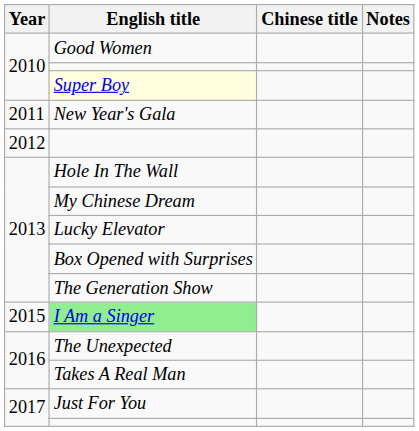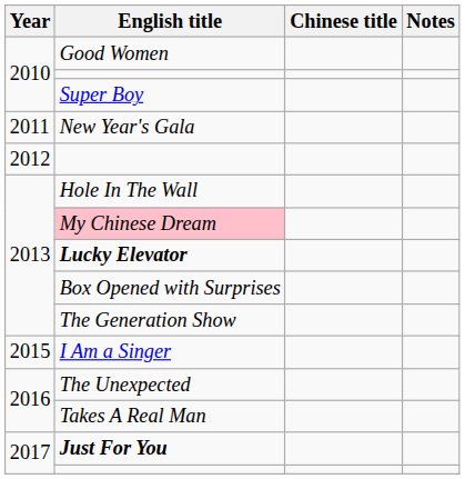 <table class="wikitable">
 <tr>
 <th>Year</th>
 <th>English title</th>
 <th>Chinese title</th>
 <th>Notes</th>
 </tr>
 <tr>
 <td rowspan=3>2010</td>
 <td><em>Good Women</em></td>
 <td></td>
 <td></td>
 </tr>
 <tr>
 <td></td>
 <td></td>
 <td></td>
 </tr>
 <tr>
-<td style="background: lightyellow;"><em><a href='#'>Super Boy</a></em></td>
+<td><em><a href='#'>Super Boy</a></em></td>
 <td></td>
 <td></td>
 </tr>
 <tr>
 <td>2011</td>
 <td><em>New Year's Gala</em></td>
 <td></td>
 <td></td>
 </tr>
 <tr>
 <td>2012</td>
 <td></td>
 <td></td>
 <td></td>
 </tr>
 <tr>
 <td rowspan=5>2013</td>
 <td><em>Hole In The Wall</em></td>
 <td></td>
 <td></td>
 </tr>
 <tr>
-<td><em>My Chinese Dream</em></td>
+<td style="background: pink;"><em>My Chinese Dream</em></td>
 <td></td>
 <td></td>
 </tr>
 <tr>
-<td><em>Lucky Elevator</em></td>
+<td><strong><em>Lucky Elevator</em></strong></td>
 <td></td>
 <td></td>
 </tr>
 <tr>
 <td><em>Box Opened with Surprises</em></td>
 <td></td>
 <td></td>
 </tr>
 <tr>
 <td><em>The Generation Show</em></td>
 <td></td>
 <td></td>
 </tr>
 <tr>
 <td>2015</td>
-<td style="background: lightgreen;"><em><a href='#'>I Am a Singer</a></em></td>
+<td><em><a href='#'>I Am a Singer</a></em></td>
 <td></td>
 <td></td>
 </tr>
 <tr>
 <td rowspan=2>2016</td>
 <td><em>The Unexpected</em></td>
 <td></td>
 <td></td>
 </tr>
 <tr>
 <td><em>Takes A Real Man</em></td>
 <td></td>
 <td></td>
 </tr>
 <tr>
 <td rowspan=2>2017</td>
-<td><em>Just For You</em></td>
+<td><strong><em>Just For You</em></strong></td>
 <td></td>
 <td></td>
 </tr>
 <tr>
 <td></td>
 <td></td>
 <td></td>
 </tr>
 </table>
